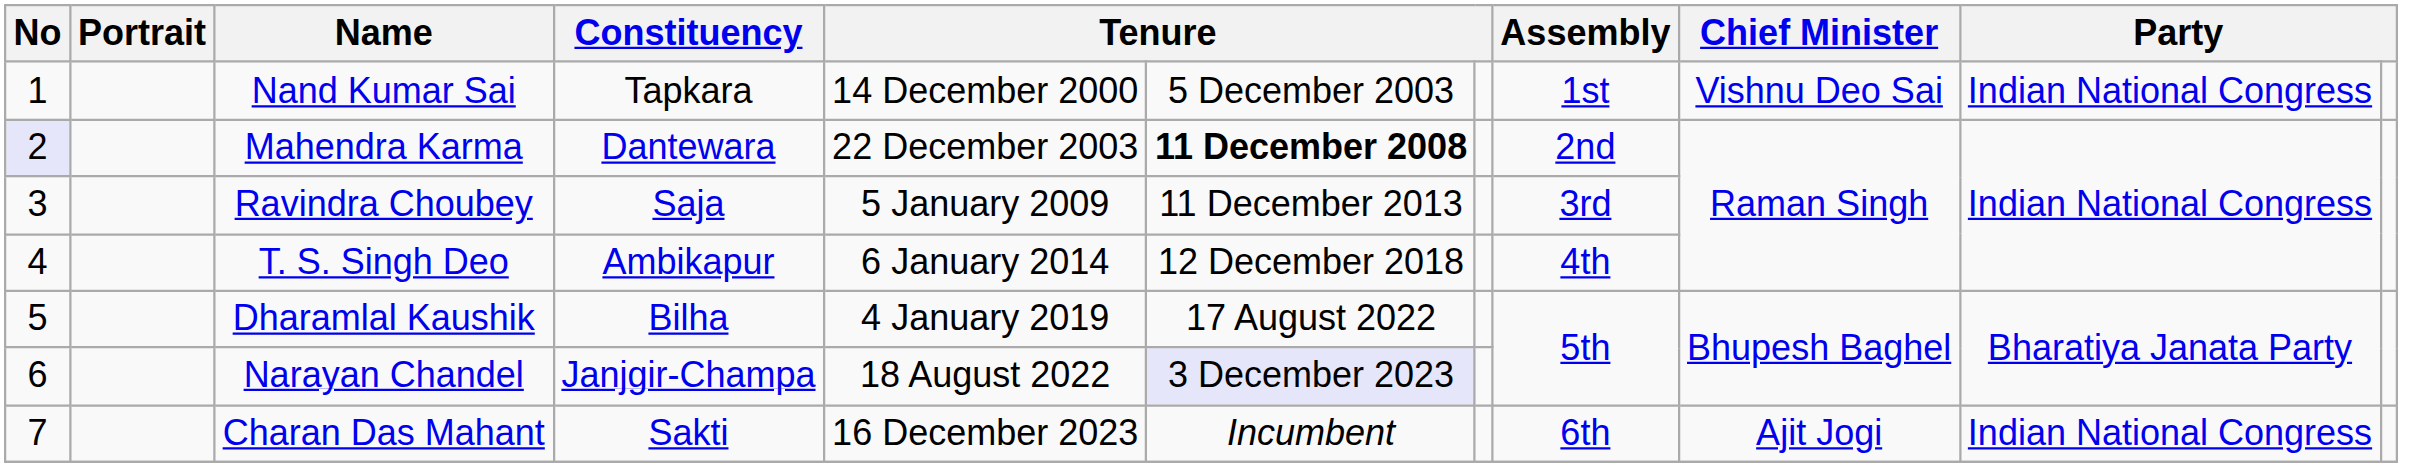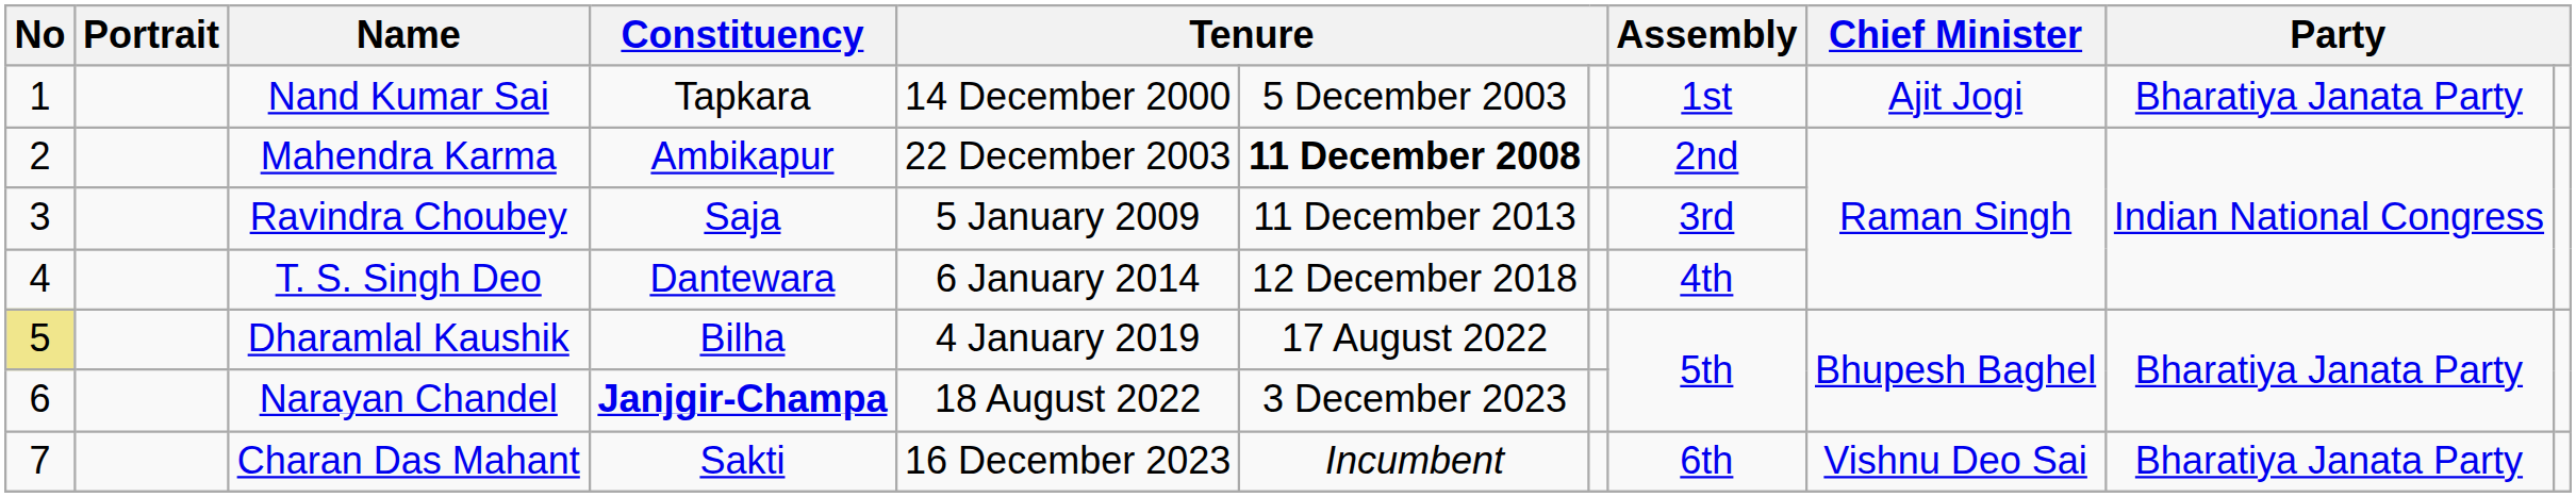 <table class="wikitable">
 <tr>
 <th>No</th>
 <th>Portrait</th>
 <th>Name</th>
 <th><a href='#'>Constituency</a></th>
 <th colspan="3">Tenure</th>
 <th>Assembly</th>
 <th><a href='#'>Chief Minister</a></th>
 <th colspan="2">Party</th>
 </tr>
 <tr align="center">
 <td>1</td>
 <td></td>
 <td><a href='#'>Nand Kumar Sai</a></td>
 <td>Tapkara</td>
 <td>14 December 2000</td>
 <td>5 December 2003</td>
 <td></td>
 <td><a href='#'>1st</a></td>
-<td rowspan="1"><a href='#'>Vishnu Deo Sai</a></td>
-<td rowspan="1"><a href='#'>Indian National Congress</a></td>
+<td><a href='#'>Ajit Jogi</a></td>
+<td><a href='#'>Bharatiya Janata Party</a></td>
 <td style="background:"></td>
 </tr>
 <tr align="center">
-<td style="background: lavender;">2</td>
+<td>2</td>
 <td></td>
 <td><a href='#'>Mahendra Karma</a></td>
-<td><a href='#'>Dantewara</a></td>
+<td><a href='#'>Ambikapur</a></td>
 <td>22 December 2003</td>
 <td><strong>11 December 2008</strong></td>
 <td></td>
 <td><a href='#'>2nd</a></td>
 <td rowspan="3"><a href='#'>Raman Singh</a></td>
 <td rowspan="3"><a href='#'>Indian National Congress</a></td>
 <td rowspan="3" style="background:"></td>
 </tr>
 <tr align="center">
 <td>3</td>
 <td></td>
 <td><a href='#'>Ravindra Choubey</a></td>
 <td><a href='#'>Saja</a></td>
 <td>5 January 2009</td>
 <td>11 December 2013</td>
 <td></td>
 <td><a href='#'>3rd</a></td>
 </tr>
 <tr align="center">
 <td>4</td>
 <td></td>
 <td><a href='#'>T. S. Singh Deo</a></td>
-<td><a href='#'>Ambikapur</a></td>
+<td><a href='#'>Dantewara</a></td>
 <td>6 January 2014</td>
 <td>12 December 2018</td>
 <td></td>
 <td><a href='#'>4th</a></td>
 </tr>
 <tr align="center">
-<td>5</td>
+<td style="background: khaki;">5</td>
 <td></td>
 <td><a href='#'>Dharamlal Kaushik</a></td>
 <td><a href='#'>Bilha</a></td>
 <td>4 January 2019</td>
 <td>17 August 2022</td>
 <td></td>
 <td rowspan="2"><a href='#'>5th</a></td>
 <td rowspan="2"><a href='#'>Bhupesh Baghel</a></td>
 <td rowspan="2"><a href='#'>Bharatiya Janata Party</a></td>
 <td rowspan="2" style="background:"></td>
 </tr>
 <tr align="center">
 <td>6</td>
 <td></td>
 <td><a href='#'>Narayan Chandel</a></td>
-<td><a href='#'>Janjgir-Champa</a></td>
+<td><strong><a href='#'>Janjgir-Champa</a></strong></td>
 <td>18 August 2022</td>
-<td style="background: lavender;">3 December 2023</td>
+<td>3 December 2023</td>
 <td></td>
 </tr>
 <tr align="center">
 <td>7</td>
 <td></td>
 <td><a href='#'>Charan Das Mahant</a></td>
 <td><a href='#'>Sakti</a></td>
 <td>16 December 2023</td>
 <td><em>Incumbent</em></td>
 <td></td>
 <td><a href='#'>6th</a></td>
-<td><a href='#'>Ajit Jogi</a></td>
-<td rowspan="1"><a href='#'>Indian National Congress</a></td>
+<td rowspan="1"><a href='#'>Vishnu Deo Sai</a></td>
+<td><a href='#'>Bharatiya Janata Party</a></td>
 <td style="background:"></td>
 </tr>
 <tr align="center">
 </tr>
 <tr>
 </tr>
 </table>
